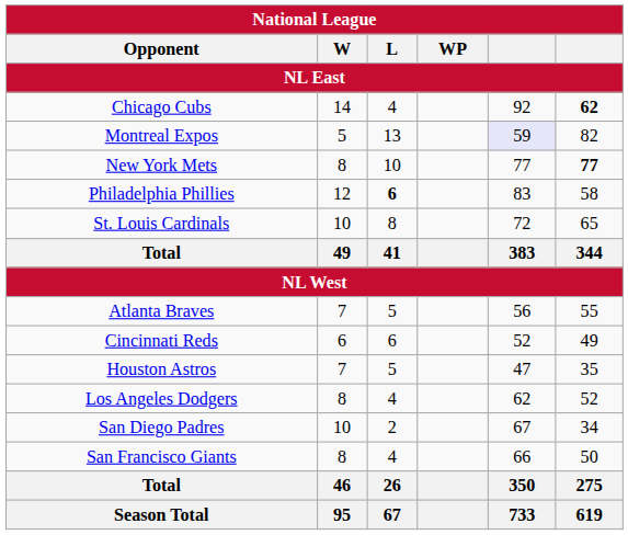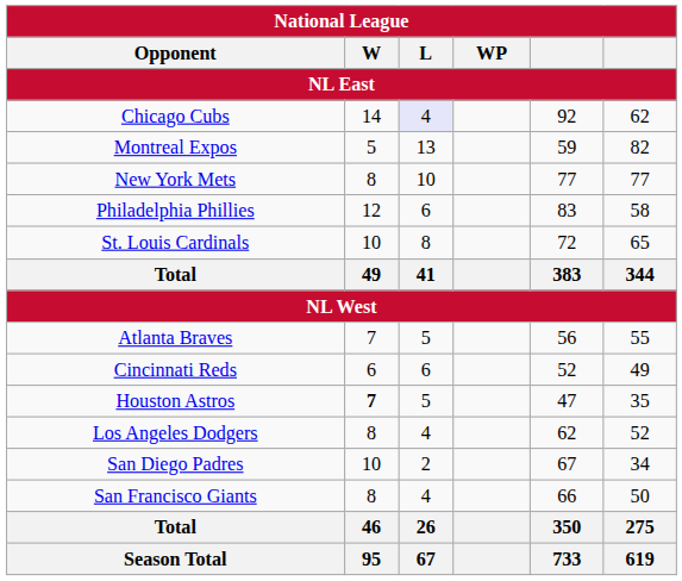 <table class="wikitable" style="font-size:95%; text-align:center; width:35em;margin:0.5em auto;">
 <tr>
 <td colspan="7" style="background:#c60c30;color:#fff"><strong>National League</strong></td>
 </tr>
 <tr>
 <th>Opponent</th>
 <th>W</th>
 <th>L</th>
 <th>WP</th>
 <th></th>
 <th></th>
 </tr>
 <tr>
 <td colspan="7" style="background:#c60c30;color:#fff"><strong>NL East</strong></td>
 </tr>
 <tr>
 <td><a href='#'>Chicago Cubs</a></td>
 <td>14</td>
-<td>4</td>
+<td style="background: lavender;">4</td>
 <td></td>
 <td>92</td>
-<td><strong>62</strong></td>
+<td>62</td>
 </tr>
 <tr>
 <td><a href='#'>Montreal Expos</a></td>
 <td>5</td>
 <td>13</td>
 <td></td>
-<td style="background: lavender;">59</td>
+<td>59</td>
 <td>82</td>
 </tr>
 <tr>
 <td><a href='#'>New York Mets</a></td>
 <td>8</td>
 <td>10</td>
 <td></td>
 <td>77</td>
-<td><strong>77</strong></td>
+<td>77</td>
 </tr>
 <tr>
 <td><a href='#'>Philadelphia Phillies</a></td>
 <td>12</td>
-<td><strong>6</strong></td>
+<td>6</td>
 <td></td>
 <td>83</td>
 <td>58</td>
 </tr>
 <tr>
 <td><a href='#'>St. Louis Cardinals</a></td>
 <td>10</td>
 <td>8</td>
 <td></td>
 <td>72</td>
 <td>65</td>
 </tr>
 <tr>
 <th>Total</th>
 <th>49</th>
 <th>41</th>
 <th></th>
 <th>383</th>
 <th>344</th>
 </tr>
 <tr>
 <td colspan="7" style="background:#c60c30;color:#fff"><strong>NL West</strong></td>
 </tr>
 <tr>
 <td><a href='#'>Atlanta Braves</a></td>
 <td>7</td>
 <td>5</td>
 <td></td>
 <td>56</td>
 <td>55</td>
 </tr>
 <tr>
 <td><a href='#'>Cincinnati Reds</a></td>
 <td>6</td>
 <td>6</td>
 <td></td>
 <td>52</td>
 <td>49</td>
 </tr>
 <tr>
 <td><a href='#'>Houston Astros</a></td>
-<td>7</td>
+<td><strong>7</strong></td>
 <td>5</td>
 <td></td>
 <td>47</td>
 <td>35</td>
 </tr>
 <tr>
 <td><a href='#'>Los Angeles Dodgers</a></td>
 <td>8</td>
 <td>4</td>
 <td></td>
 <td>62</td>
 <td>52</td>
 </tr>
 <tr>
 <td><a href='#'>San Diego Padres</a></td>
 <td>10</td>
 <td>2</td>
 <td></td>
 <td>67</td>
 <td>34</td>
 </tr>
 <tr>
 <td><a href='#'>San Francisco Giants</a></td>
 <td>8</td>
 <td>4</td>
 <td></td>
 <td>66</td>
 <td>50</td>
 </tr>
 <tr>
 <th>Total</th>
 <th>46</th>
 <th>26</th>
 <th></th>
 <th>350</th>
 <th>275</th>
 </tr>
 <tr>
 <th>Season Total</th>
 <th>95</th>
 <th>67</th>
 <th></th>
 <th>733</th>
 <th>619</th>
 </tr>
 </table>
